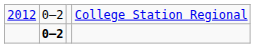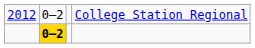 <table class="wikitable">
 <tr>
 <td><a href='#'>2012</a></td>
 <td>0–2</td>
 <td></td>
 <td><a href='#'>College Station Regional</a></td>
 </tr>
 <tr>
 <td></td>
-<td><strong>0–2</strong></td>
+<td style="background: gold;"><strong>0–2</strong></td>
 <td><strong></strong></td>
 <td></td>
 </tr>
 </table>
